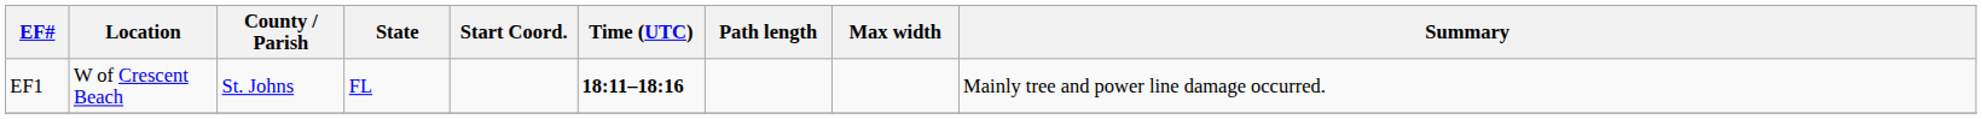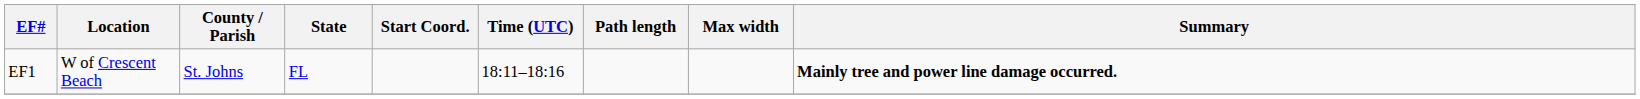 <table class="wikitable sortable" style="width:100%;">
 <tr>
 <th scope="col"  style="width:3%; text-align:center;"><a href='#'>EF#</a></th>
 <th scope="col"  style="width:7%; text-align:center;" class="unsortable">Location</th>
 <th scope="col"  style="width:6%; text-align:center;" class="unsortable">County / Parish</th>
 <th scope="col"  style="width:5%; text-align:center;">State</th>
 <th scope="col"  style="width:6%; text-align:center;">Start Coord.</th>
 <th scope="col"  style="width:6%; text-align:center;">Time (<a href='#'>UTC</a>)</th>
 <th scope="col"  style="width:6%; text-align:center;">Path length</th>
 <th scope="col"  style="width:6%; text-align:center;">Max width</th>
 <th scope="col" class="unsortable" style="width:48%; text-align:center;">Summary</th>
 </tr>
 <tr>
 <td>EF1</td>
 <td>W of <a href='#'>Crescent Beach</a></td>
 <td><a href='#'>St. Johns</a></td>
 <td><a href='#'>FL</a></td>
 <td></td>
-<td><strong>18:11–18:16</strong></td>
+<td>18:11–18:16</td>
 <td></td>
 <td></td>
-<td>Mainly tree and power line damage occurred.</td>
+<td><strong>Mainly tree and power line damage occurred.</strong></td>
 </tr>
 <tr>
 </tr>
 </table>
